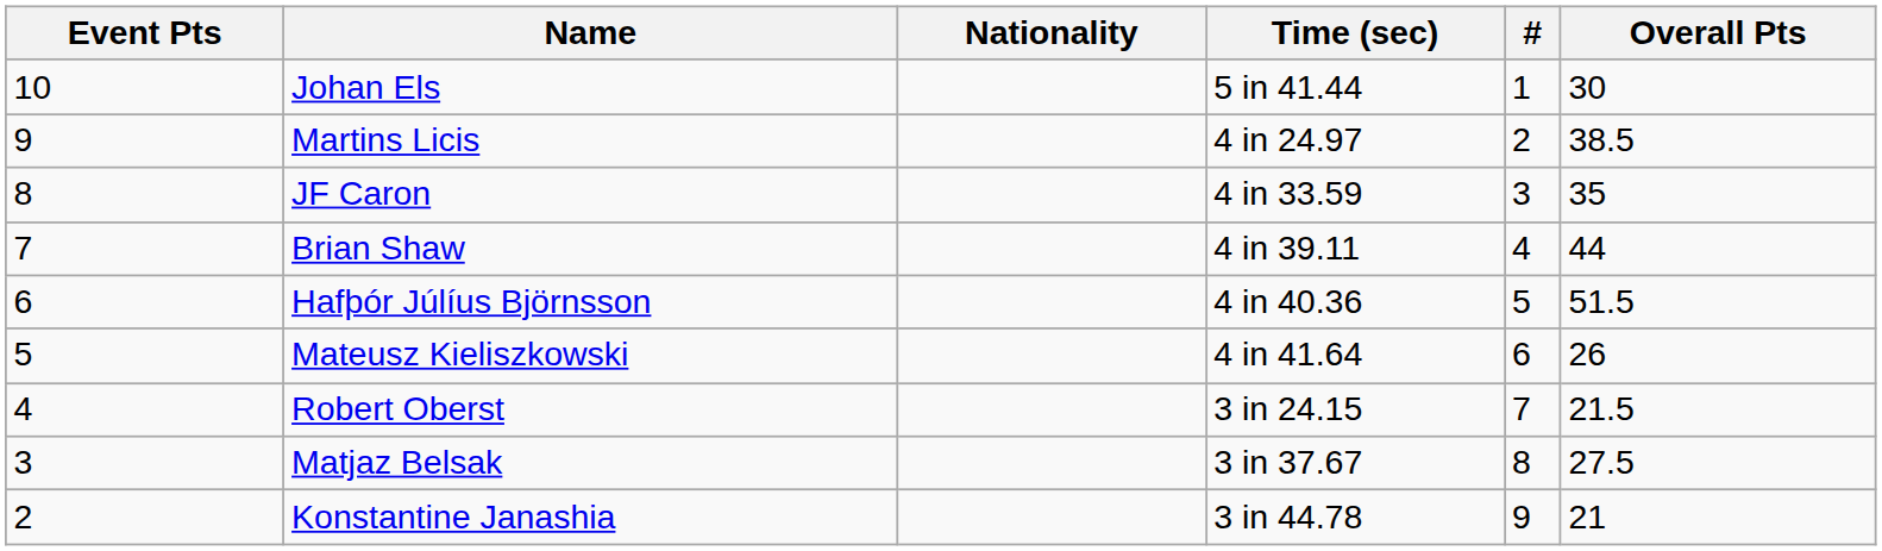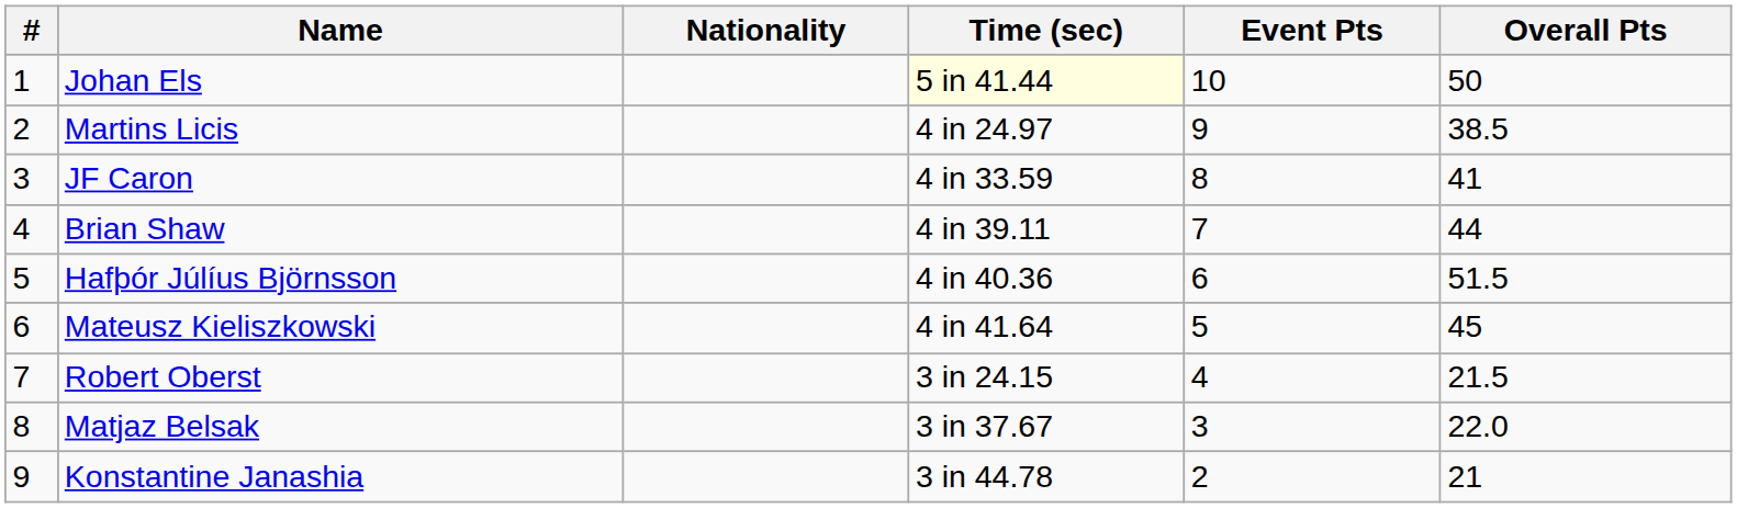 <table class="wikitable sortable" style="display: inline-table;width: 100%;">
 <tr>
-<th>Event Pts</th>
+<th>#</th>
 <th>Name</th>
 <th>Nationality</th>
 <th>Time (sec)</th>
-<th>#</th>
+<th>Event Pts</th>
 <th>Overall Pts</th>
 </tr>
 <tr>
-<td>10</td>
+<td>1</td>
 <td><a href='#'>Johan Els</a></td>
 <td></td>
-<td>5 in 41.44</td>
-<td>1</td>
-<td>30</td>
+<td style="background: lightyellow;">5 in 41.44</td>
+<td>10</td>
+<td>50</td>
+</tr>
+<tr>
+<td>2</td>
+<td><a href='#'>Martins Licis</a></td>
+<td></td>
+<td>4 in 24.97</td>
+<td>9</td>
+<td>38.5</td>
+</tr>
+<tr>
+<td>3</td>
+<td><a href='#'>JF Caron</a></td>
+<td></td>
+<td>4 in 33.59</td>
+<td>8</td>
+<td>41</td>
+</tr>
+<tr>
+<td>4</td>
+<td><a href='#'>Brian Shaw</a></td>
+<td></td>
+<td>4 in 39.11</td>
+<td>7</td>
+<td>44</td>
+</tr>
+<tr>
+<td>5</td>
+<td><a href='#'>Hafþór Júlíus Björnsson</a></td>
+<td></td>
+<td>4 in 40.36</td>
+<td>6</td>
+<td>51.5</td>
+</tr>
+<tr>
+<td>6</td>
+<td><a href='#'>Mateusz Kieliszkowski</a></td>
+<td></td>
+<td>4 in 41.64</td>
+<td>5</td>
+<td>45</td>
+</tr>
+<tr>
+<td>7</td>
+<td><a href='#'>Robert Oberst</a></td>
+<td></td>
+<td>3 in 24.15</td>
+<td>4</td>
+<td>21.5</td>
+</tr>
+<tr>
+<td>8</td>
+<td><a href='#'>Matjaz Belsak</a></td>
+<td></td>
+<td>3 in 37.67</td>
+<td>3</td>
+<td>22.0</td>
 </tr>
 <tr>
 <td>9</td>
-<td><a href='#'>Martins Licis</a></td>
-<td></td>
-<td>4 in 24.97</td>
-<td>2</td>
-<td>38.5</td>
-</tr>
-<tr>
-<td>8</td>
-<td><a href='#'>JF Caron</a></td>
-<td></td>
-<td>4 in 33.59</td>
-<td>3</td>
-<td>35</td>
-</tr>
-<tr>
-<td>7</td>
-<td><a href='#'>Brian Shaw</a></td>
-<td></td>
-<td>4 in 39.11</td>
-<td>4</td>
-<td>44</td>
-</tr>
-<tr>
-<td>6</td>
-<td><a href='#'>Hafþór Júlíus Björnsson</a></td>
-<td></td>
-<td>4 in 40.36</td>
-<td>5</td>
-<td>51.5</td>
-</tr>
-<tr>
-<td>5</td>
-<td><a href='#'>Mateusz Kieliszkowski</a></td>
-<td></td>
-<td>4 in 41.64</td>
-<td>6</td>
-<td>26</td>
-</tr>
-<tr>
-<td>4</td>
-<td><a href='#'>Robert Oberst</a></td>
-<td></td>
-<td>3 in 24.15</td>
-<td>7</td>
-<td>21.5</td>
-</tr>
-<tr>
-<td>3</td>
-<td><a href='#'>Matjaz Belsak</a></td>
-<td></td>
-<td>3 in 37.67</td>
-<td>8</td>
-<td>27.5</td>
-</tr>
-<tr>
-<td>2</td>
 <td><a href='#'>Konstantine Janashia</a></td>
 <td></td>
 <td>3 in 44.78</td>
-<td>9</td>
+<td>2</td>
 <td>21</td>
 </tr>
 </table>
